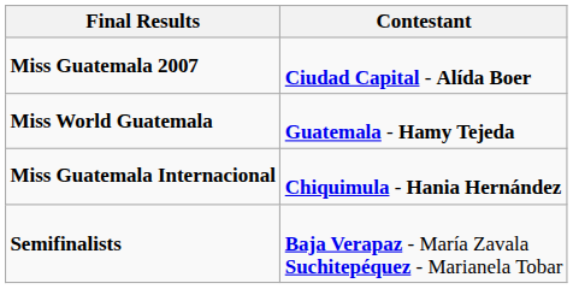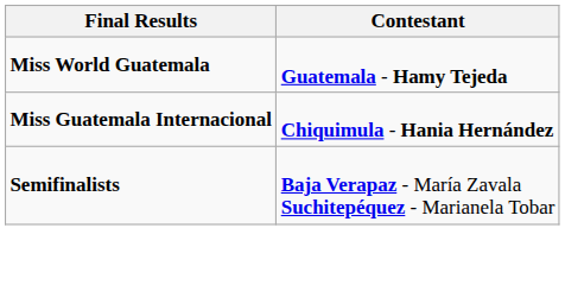 <table class="wikitable" border="1">
 <tr>
 <th>Final Results</th>
 <th>Contestant</th>
-</tr>
-<tr>
-<td><strong>Miss Guatemala 2007</strong></td>
-<td><br> <strong><a href='#'>Ciudad Capital</a></strong> - <strong>Alída Boer</strong></td>
 </tr>
 <tr>
 <td><strong>Miss World Guatemala</strong></td>
 <td><br> <strong><a href='#'>Guatemala</a></strong> - <strong>Hamy Tejeda</strong></td>
 </tr>
 <tr>
 <td><strong>Miss Guatemala Internacional</strong></td>
 <td><br> <strong><a href='#'>Chiquimula</a></strong> - <strong>Hania Hernández</strong></td>
 </tr>
 <tr>
 <td><strong>Semifinalists</strong></td>
 <td><br> <strong><a href='#'>Baja Verapaz</a></strong> - María Zavala<br>  <strong><a href='#'>Suchitepéquez</a></strong> - Marianela Tobar<br></td>
 </tr>
 </table>
